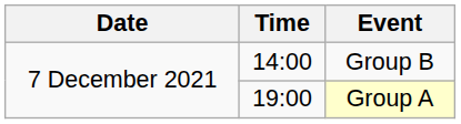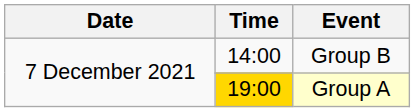 <table class = "wikitable" style="text-align:center;">
 <tr>
 <th width=150>Date</th>
 <th width=50>Time</th>
 <th width=80>Event</th>
 </tr>
 <tr>
 <td rowspan=2>7 December 2021</td>
 <td>14:00</td>
 <td>Group B</td>
 </tr>
 <tr>
-<td>19:00</td>
+<td style="background: gold;">19:00</td>
 <td bgcolor=ffffcc>Group A</td>
 </tr>
 </table>
